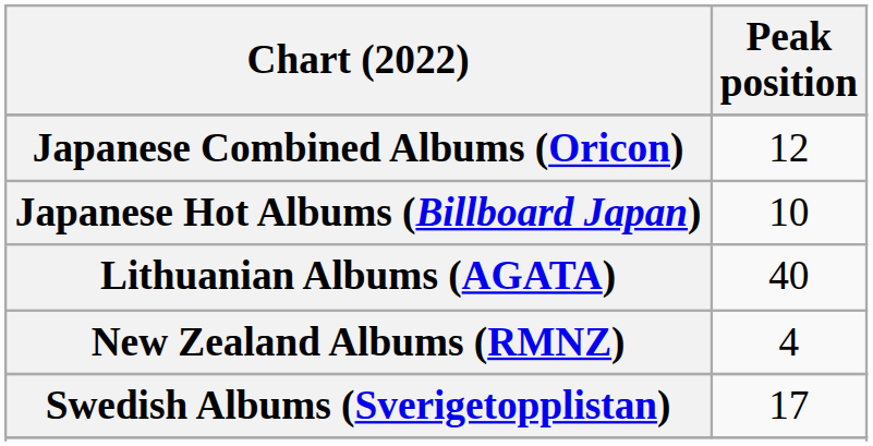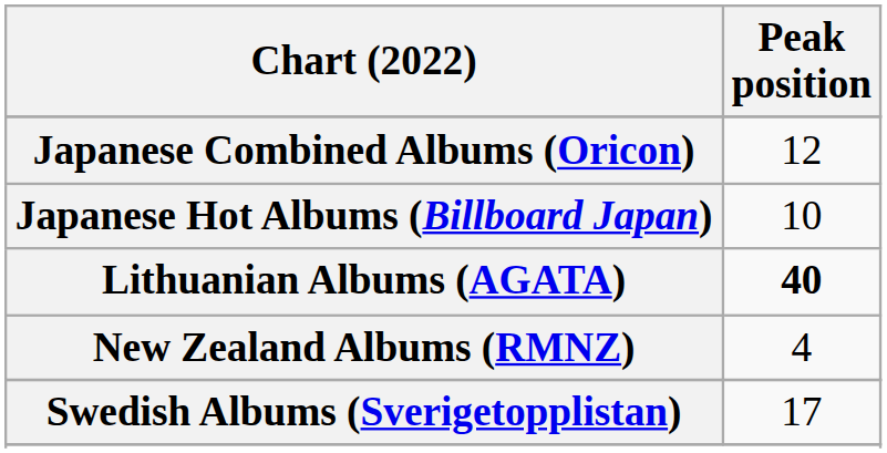 <table class="wikitable sortable plainrowheaders" style="text-align:center">
 <tr>
 <th scope="col">Chart (2022)</th>
 <th scope="col">Peak<br>position</th>
 </tr>
 <tr>
 </tr>
 <tr>
 </tr>
 <tr>
 </tr>
 <tr>
 </tr>
 <tr>
 </tr>
 <tr>
 </tr>
 <tr>
 </tr>
 <tr>
 </tr>
 <tr>
 </tr>
 <tr>
 </tr>
 <tr>
 </tr>
 <tr>
 <th scope="row">Japanese Combined Albums (<a href='#'>Oricon</a>)</th>
 <td>12</td>
 </tr>
 <tr>
 <th scope="row">Japanese Hot Albums (<em><a href='#'>Billboard Japan</a></em>)</th>
 <td>10</td>
 </tr>
 <tr>
 <th scope="row">Lithuanian Albums (<a href='#'>AGATA</a>)</th>
-<td>40</td>
+<td><strong>40</strong></td>
 </tr>
 <tr>
 <th scope="row">New Zealand Albums (<a href='#'>RMNZ</a>)</th>
 <td>4</td>
 </tr>
 <tr>
 </tr>
 <tr>
 </tr>
 <tr>
 </tr>
 <tr>
 <th scope="row">Swedish Albums (<a href='#'>Sverigetopplistan</a>)</th>
 <td>17</td>
 </tr>
 <tr>
 </tr>
 <tr>
 </tr>
 <tr>
 </tr>
 <tr>
 </tr>
 <tr>
 </tr>
 <tr>
 </tr>
 <tr>
 </tr>
 </table>
